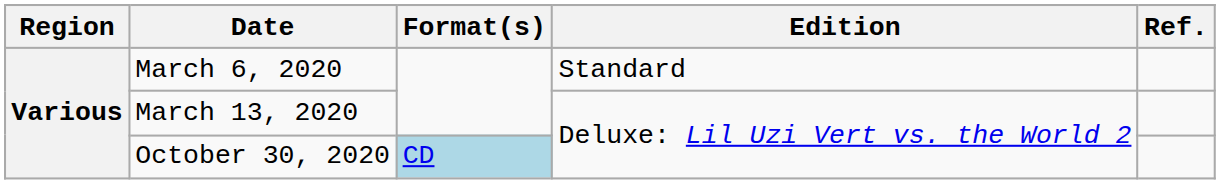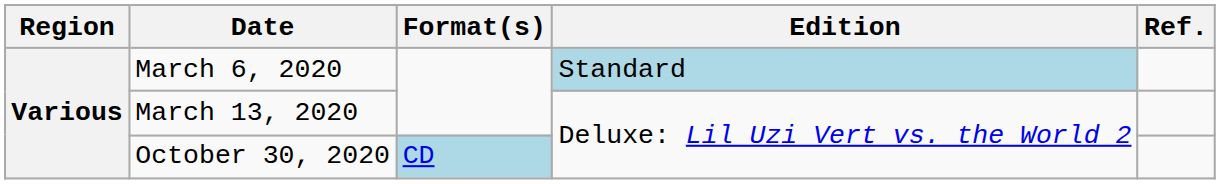 <table class="wikitable plainrowheaders">
 <tr>
 <th scope="col">Region</th>
 <th scope="col">Date</th>
 <th scope="col">Format(s)</th>
 <th scope="col">Edition</th>
 <th scope="col">Ref.</th>
 </tr>
 <tr>
 <th rowspan="3" scope="row">Various</th>
 <td>March 6, 2020</td>
 <td rowspan="2"></td>
-<td>Standard</td>
+<td style="background: lightblue;">Standard</td>
 <td></td>
 </tr>
 <tr>
 <td>March 13, 2020</td>
 <td rowspan="2">Deluxe: <em><a href='#'>Lil Uzi Vert vs. the World 2</a></em></td>
 <td></td>
 </tr>
 <tr>
 <td>October 30, 2020</td>
 <td style="background: lightblue;"><a href='#'>CD</a></td>
 <td></td>
 </tr>
 </table>
